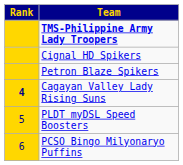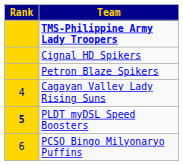 <table class="wikitable" style="text-align: center;">
 <tr>
 <th width=40 style="background:#00008B; color:#FFD700;">Rank</th>
 <th width=180 style="background:#00008B; color:#FFD700;">Team</th>
 </tr>
 <tr>
 <td style="background:#FFD700; color:#00008B;"></td>
 <td style="text-align:left;"><strong><a href='#'>TMS-Philippine Army Lady Troopers</a></strong></td>
 </tr>
 <tr>
 <td style="background:#FFD700; color:#00008B;"></td>
 <td style="text-align:left;"><a href='#'>Cignal HD Spikers</a></td>
 </tr>
 <tr>
 <td style="background:#FFD700; color:#00008B;"></td>
 <td style="text-align:left;"><a href='#'>Petron Blaze Spikers</a></td>
 </tr>
 <tr>
-<td style="background:#FFD700; color:#00008B;"><strong>4</strong></td>
+<td style="background:#FFD700; color:#00008B;">4</td>
 <td style="text-align:left;"><a href='#'>Cagayan Valley Lady Rising Suns</a></td>
 </tr>
 <tr>
-<td style="background:#FFD700; color:#00008B;">5</td>
+<td style="background:#FFD700; color:#00008B;"><strong>5</strong></td>
 <td style="text-align:left;"><a href='#'>PLDT myDSL Speed Boosters</a></td>
 </tr>
 <tr>
 <td style="background:#FFD700; color:#00008B;">6</td>
 <td style="text-align:left;"><a href='#'>PCSO Bingo Milyonaryo Puffins</a></td>
 </tr>
 </table>
